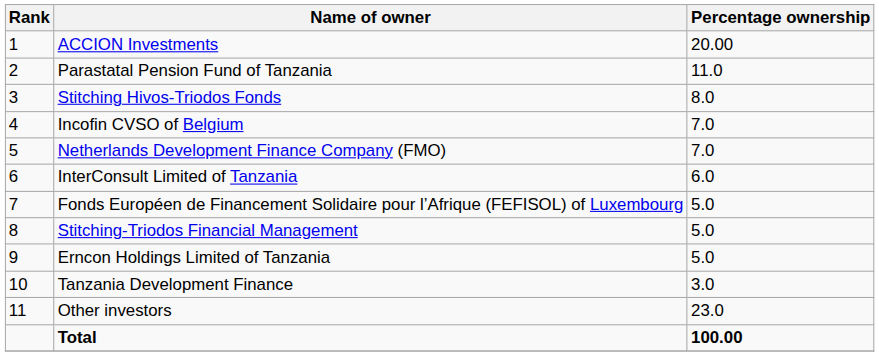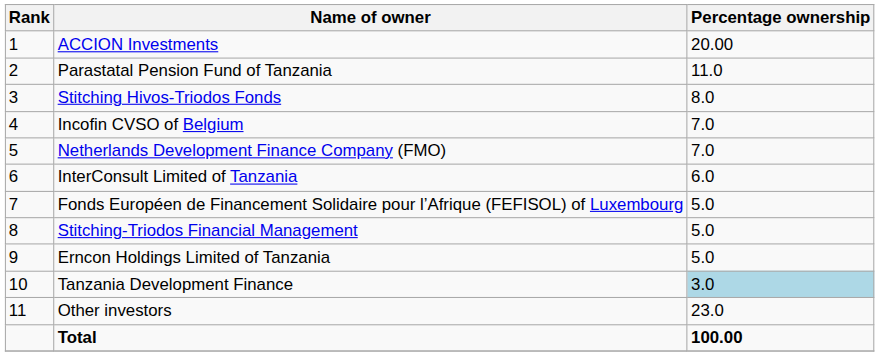 <table class="wikitable sortable" style="margin-left:auto;margin-right:auto">
 <tr>
 <th style="width:2em;">Rank</th>
 <th>Name of owner</th>
 <th>Percentage ownership</th>
 </tr>
 <tr>
 <td>1</td>
 <td><a href='#'>ACCION Investments</a></td>
 <td>20.00</td>
 </tr>
 <tr>
 <td>2</td>
 <td>Parastatal Pension Fund of Tanzania</td>
 <td>11.0</td>
 </tr>
 <tr>
 <td>3</td>
 <td><a href='#'>Stitching Hivos-Triodos Fonds</a></td>
 <td>8.0</td>
 </tr>
 <tr>
 <td>4</td>
 <td>Incofin CVSO of <a href='#'>Belgium</a></td>
 <td>7.0</td>
 </tr>
 <tr>
 <td>5</td>
 <td><a href='#'>Netherlands Development Finance Company</a> (FMO)</td>
 <td>7.0</td>
 </tr>
 <tr>
 <td>6</td>
 <td>InterConsult Limited of <a href='#'>Tanzania</a></td>
 <td>6.0</td>
 </tr>
 <tr>
 <td>7</td>
 <td>Fonds Européen de Financement Solidaire pour l’Afrique (FEFISOL) of <a href='#'>Luxembourg</a></td>
 <td>5.0</td>
 </tr>
 <tr>
 <td>8</td>
 <td><a href='#'>Stitching-Triodos Financial Management</a></td>
 <td>5.0</td>
 </tr>
 <tr>
 <td>9</td>
 <td>Erncon Holdings Limited of Tanzania</td>
 <td>5.0</td>
 </tr>
 <tr>
 <td>10</td>
 <td>Tanzania Development Finance</td>
-<td>3.0</td>
+<td style="background: lightblue;">3.0</td>
 </tr>
 <tr>
 <td>11</td>
 <td>Other investors</td>
 <td>23.0</td>
 </tr>
 <tr>
 <td></td>
 <td><strong>Total</strong></td>
 <td><strong>100.00</strong></td>
 </tr>
 <tr>
 </tr>
 </table>
